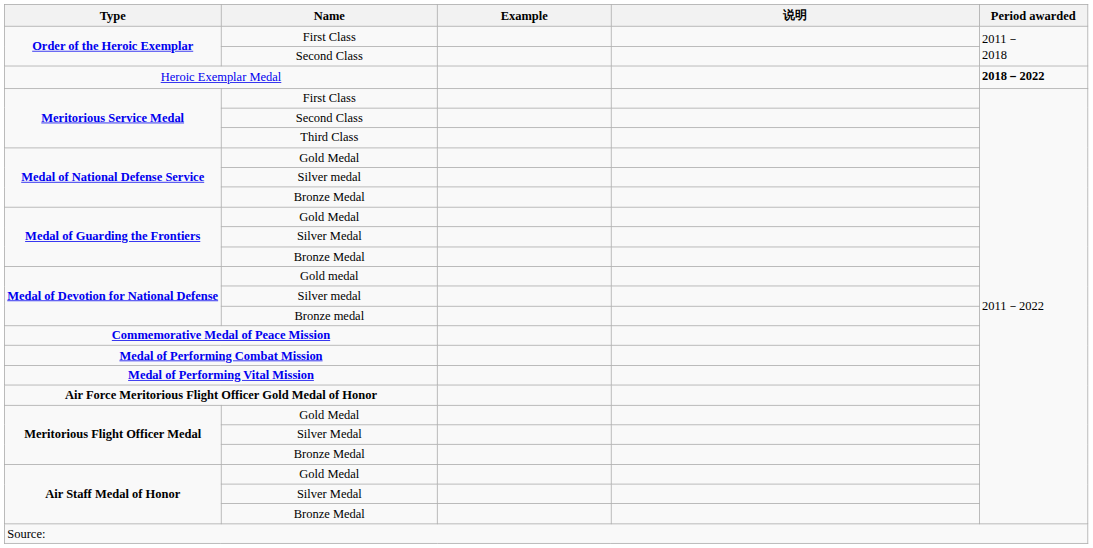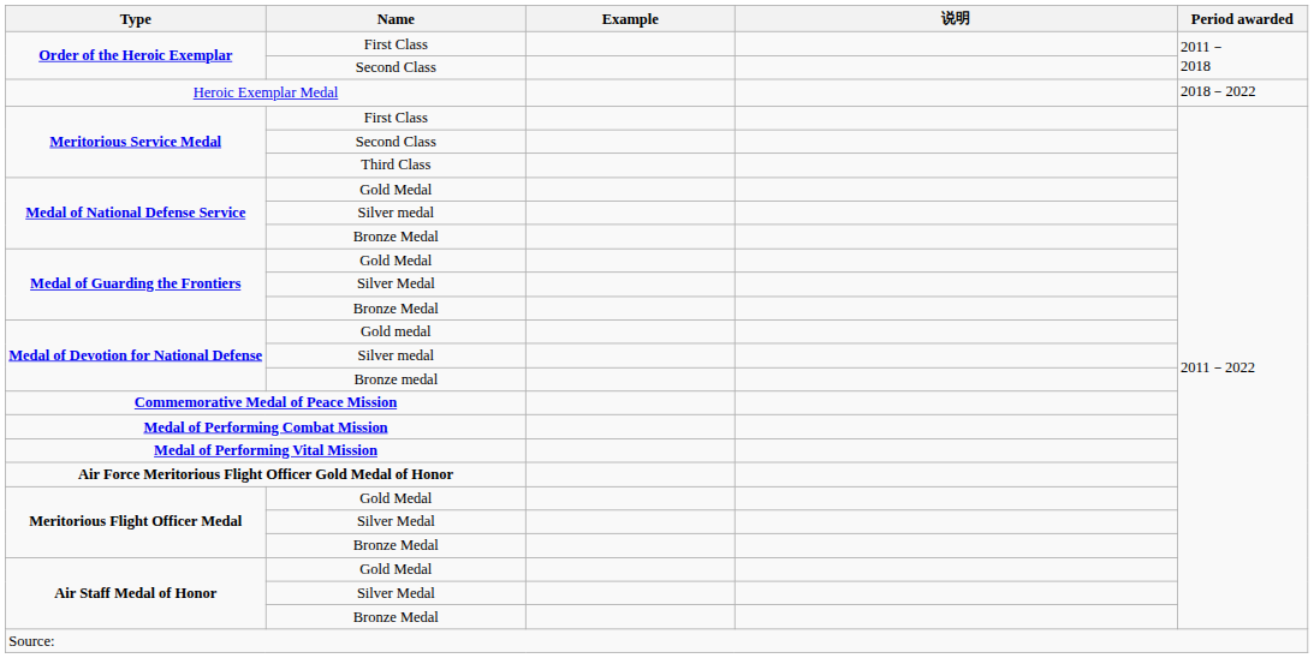 <table class="wikitable">
 <tr>
 <th width="20%">Type</th>
 <th width="20%">Name</th>
 <th width="16%">Example</th>
 <th>说明</th>
 <th width="10%">Period awarded</th>
 </tr>
 <tr>
 <td rowspan=2 style="text-align: center;"><strong><a href='#'>Order of the Heroic Exemplar</a></strong></td>
 <td style="text-align: center;">First Class</td>
 <td></td>
 <td></td>
 <td rowspan=2>2011－<br>2018</td>
 </tr>
 <tr>
 <td style="text-align: center;">Second Class</td>
 <td></td>
 <td></td>
 </tr>
 <tr>
 <td colspan=2 style="text-align: center;"><a href='#'>Heroic Exemplar Medal</a></td>
 <td></td>
 <td></td>
-<td><strong>2018－2022</strong></td>
+<td>2018－2022</td>
 </tr>
 <tr>
 <td rowspan=3 style="text-align: center;"><strong><a href='#'>Meritorious Service Medal</a></strong></td>
 <td style="text-align: center;">First Class</td>
 <td></td>
 <td></td>
 <td rowspan=22>2011－2022</td>
 </tr>
 <tr>
 <td style="text-align: center;">Second Class</td>
 <td></td>
 <td></td>
 </tr>
 <tr>
 <td style="text-align: center;">Third Class</td>
 <td></td>
 <td></td>
 </tr>
 <tr>
 <td rowspan=3 style="text-align: center;"><strong><a href='#'>Medal of National Defense Service</a></strong></td>
 <td style="text-align: center;">Gold Medal</td>
 <td></td>
 <td></td>
 </tr>
 <tr>
 <td style="text-align: center;">Silver medal</td>
 <td></td>
 <td></td>
 </tr>
 <tr>
 <td style="text-align: center;">Bronze Medal</td>
 <td></td>
 <td></td>
 </tr>
 <tr>
 <td rowspan=3 style="text-align: center;"><strong><a href='#'>Medal of Guarding the Frontiers</a></strong></td>
 <td style="text-align: center;">Gold Medal</td>
 <td></td>
 <td></td>
 </tr>
 <tr>
 <td style="text-align: center;">Silver Medal</td>
 <td></td>
 <td></td>
 </tr>
 <tr>
 <td style="text-align: center;">Bronze Medal</td>
 <td></td>
 <td></td>
 </tr>
 <tr>
 <td rowspan=3 style="text-align: center;"><strong><a href='#'>Medal of Devotion for National Defense</a></strong></td>
 <td style="text-align: center;">Gold medal</td>
 <td></td>
 <td></td>
 </tr>
 <tr>
 <td style="text-align: center;">Silver medal</td>
 <td></td>
 <td></td>
 </tr>
 <tr>
 <td style="text-align: center;">Bronze medal</td>
 <td></td>
 <td></td>
 </tr>
 <tr>
 <td colspan=2 style="text-align: center;"><strong><a href='#'>Commemorative Medal of Peace Mission</a></strong></td>
 <td></td>
 <td></td>
 </tr>
 <tr>
 <td colspan=2 style="text-align: center;"><strong><a href='#'>Medal of Performing Combat Mission</a></strong></td>
 <td></td>
 <td></td>
 </tr>
 <tr>
 <td colspan=2 style="text-align: center;"><strong><a href='#'>Medal of Performing Vital Mission</a></strong></td>
 <td></td>
 <td></td>
 </tr>
 <tr>
 <td colspan=2 style="text-align: center;"><strong>Air Force Meritorious Flight Officer Gold Medal of Honor</strong></td>
 <td></td>
 <td></td>
 </tr>
 <tr>
 <td rowspan=3 style="text-align: center;"><strong>Meritorious Flight Officer Medal</strong></td>
 <td style="text-align: center;">Gold Medal</td>
 <td></td>
 <td></td>
 </tr>
 <tr>
 <td style="text-align: center;">Silver Medal</td>
 <td></td>
 <td></td>
 </tr>
 <tr>
 <td style="text-align: center;">Bronze Medal</td>
 <td></td>
 <td></td>
 </tr>
 <tr>
 <td rowspan=3 style="text-align: center;"><strong>Air Staff Medal of Honor</strong></td>
 <td style="text-align: center;">Gold Medal</td>
 <td></td>
 <td></td>
 </tr>
 <tr>
 <td style="text-align: center;">Silver Medal</td>
 <td></td>
 <td></td>
 </tr>
 <tr>
 <td style="text-align: center;">Bronze Medal</td>
 <td></td>
 <td></td>
 </tr>
 <tr>
 <td colspan="5">Source:</td>
 </tr>
 </table>
